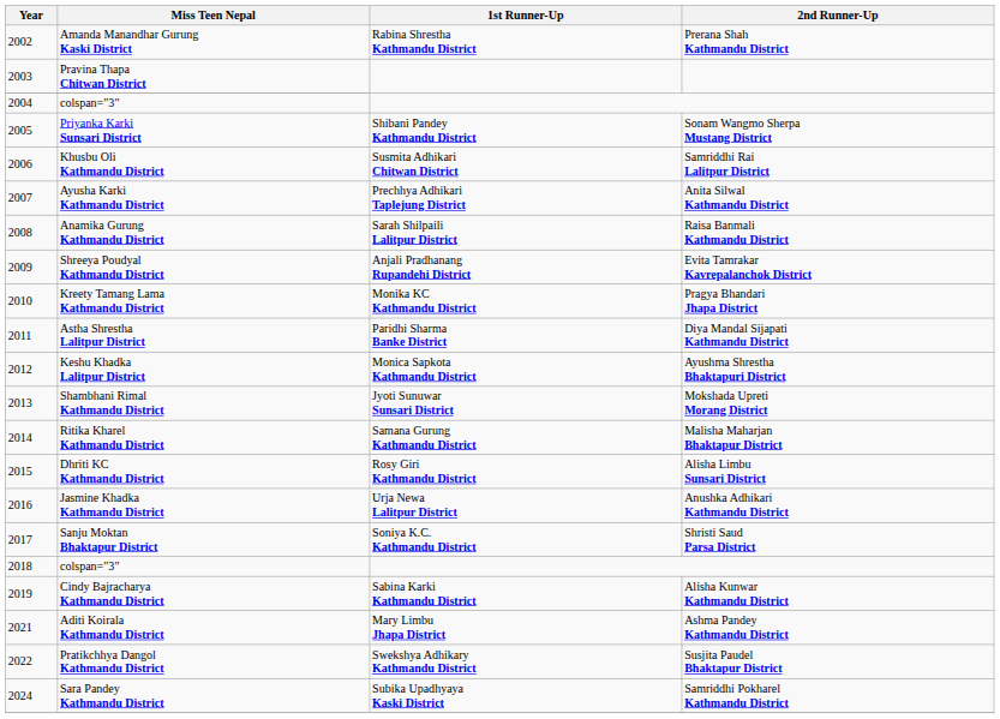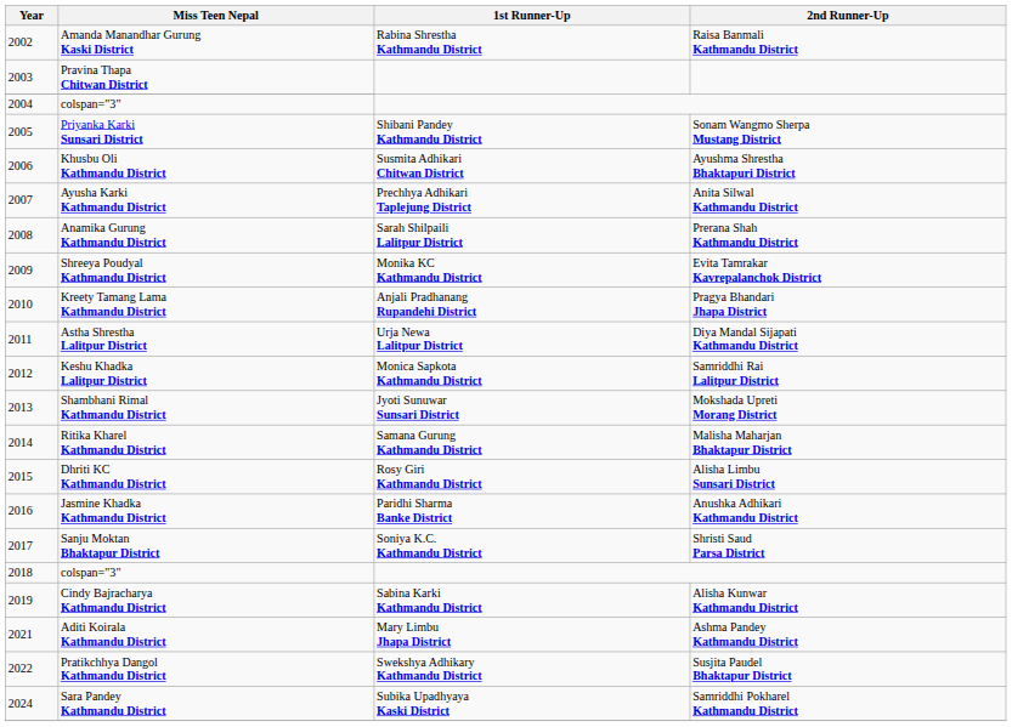 <table class="wikitable sortable" style="font-size: 95%;">
 <tr>
 <th width="3%">Year</th>
 <th width="18%">Miss Teen Nepal</th>
 <th width="18%">1st Runner-Up</th>
 <th width="18%">2nd Runner-Up</th>
 </tr>
 <tr>
 <td>2002</td>
 <td>Amanda Manandhar Gurung <strong><br> <a href='#'>Kaski District</a></strong></td>
 <td>Rabina Shrestha <strong><br> <a href='#'>Kathmandu District</a></strong></td>
-<td>Prerana Shah <strong><br> <a href='#'>Kathmandu District</a></strong></td>
+<td>Raisa Banmali <strong><br> <a href='#'>Kathmandu District</a></strong></td>
 </tr>
 <tr>
 <td>2003</td>
 <td>Pravina Thapa <strong><br> <a href='#'>Chitwan District</a></strong></td>
 <td></td>
 <td></td>
 </tr>
 <tr>
 </tr>
 <tr>
 <td>2004</td>
 <td>colspan="3" </td>
 </tr>
 <tr>
 <td>2005</td>
 <td><a href='#'>Priyanka Karki</a> <strong><br> <a href='#'>Sunsari District</a></strong></td>
 <td>Shibani Pandey <strong><br> <a href='#'>Kathmandu District</a></strong></td>
 <td>Sonam Wangmo Sherpa <strong><br> <a href='#'>Mustang District</a></strong></td>
 </tr>
 <tr>
 <td>2006</td>
 <td>Khusbu Oli <strong><br> <a href='#'>Kathmandu District</a></strong></td>
 <td>Susmita Adhikari <br><strong><a href='#'>Chitwan District</a></strong></td>
-<td>Samriddhi Rai <strong><br> <a href='#'>Lalitpur District</a></strong></td>
+<td>Ayushma Shrestha <br> <strong><a href='#'>Bhaktapuri District</a></strong></td>
 </tr>
 <tr>
 <td>2007</td>
 <td>Ayusha Karki <strong><br> <a href='#'>Kathmandu District</a></strong></td>
 <td>Prechhya Adhikari <strong><br> <a href='#'>Taplejung District</a></strong></td>
 <td>Anita Silwal<strong><br> <a href='#'>Kathmandu District</a></strong></td>
 </tr>
 <tr>
 <td>2008</td>
 <td>Anamika Gurung <strong><br> <a href='#'>Kathmandu District</a></strong></td>
 <td>Sarah Shilpaili <strong><br> <a href='#'>Lalitpur District</a></strong></td>
-<td>Raisa Banmali <strong><br> <a href='#'>Kathmandu District</a></strong></td>
+<td>Prerana Shah <strong><br> <a href='#'>Kathmandu District</a></strong></td>
 </tr>
 <tr>
 <td>2009</td>
 <td>Shreeya Poudyal <strong><br> <a href='#'>Kathmandu District</a></strong></td>
-<td>Anjali Pradhanang <strong><br> <a href='#'>Rupandehi District</a></strong></td>
+<td>Monika KC <strong><br> <a href='#'>Kathmandu District</a></strong></td>
 <td>Evita Tamrakar <strong><br> <a href='#'>Kavrepalanchok District</a></strong></td>
 </tr>
 <tr>
 <td>2010</td>
 <td>Kreety Tamang Lama <strong><br> <a href='#'>Kathmandu District</a></strong></td>
-<td>Monika KC <strong><br> <a href='#'>Kathmandu District</a></strong></td>
+<td>Anjali Pradhanang <strong><br> <a href='#'>Rupandehi District</a></strong></td>
 <td>Pragya Bhandari<br><strong><a href='#'>Jhapa District</a></strong></td>
 </tr>
 <tr>
 <td>2011</td>
 <td>Astha Shrestha <br> <strong><a href='#'>Lalitpur District</a></strong></td>
-<td>Paridhi Sharma <br> <strong><a href='#'>Banke District</a></strong></td>
+<td>Urja Newa <br> <strong><a href='#'>Lalitpur District</a></strong></td>
 <td>Diya Mandal Sijapati   <br> <strong><a href='#'>Kathmandu District</a></strong></td>
 </tr>
 <tr>
 <td>2012</td>
 <td>Keshu Khadka <br> <strong><a href='#'>Lalitpur District</a></strong></td>
 <td>Monica Sapkota <br> <strong><a href='#'>Kathmandu District</a></strong></td>
-<td>Ayushma Shrestha <br> <strong><a href='#'>Bhaktapuri District</a></strong></td>
+<td>Samriddhi Rai <strong><br> <a href='#'>Lalitpur District</a></strong></td>
 </tr>
 <tr>
 <td>2013</td>
 <td>Shambhani Rimal  <br> <strong><a href='#'>Kathmandu District</a></strong></td>
 <td>Jyoti Sunuwar <br> <strong><a href='#'>Sunsari District</a></strong></td>
 <td>Mokshada Upreti <br> <strong><a href='#'>Morang District</a></strong></td>
 </tr>
 <tr>
 <td>2014</td>
 <td>Ritika Kharel <br> <strong><a href='#'>Kathmandu District</a></strong></td>
 <td>Samana Gurung <br> <strong><a href='#'>Kathmandu District</a></strong></td>
 <td>Malisha Maharjan <br> <strong><a href='#'>Bhaktapur District</a></strong></td>
 </tr>
 <tr>
 <td>2015</td>
 <td>Dhriti KC <br> <strong><a href='#'>Kathmandu District</a></strong></td>
 <td>Rosy Giri <br> <strong><a href='#'>Kathmandu District</a></strong></td>
 <td>Alisha Limbu <br> <strong><a href='#'>Sunsari District</a></strong></td>
 </tr>
 <tr>
 <td>2016</td>
 <td>Jasmine Khadka  <br> <strong><a href='#'>Kathmandu District</a></strong></td>
-<td>Urja Newa <br> <strong><a href='#'>Lalitpur District</a></strong></td>
+<td>Paridhi Sharma <br> <strong><a href='#'>Banke District</a></strong></td>
 <td>Anushka Adhikari  <br> <strong><a href='#'>Kathmandu District</a></strong></td>
 </tr>
 <tr>
 <td>2017</td>
 <td>Sanju Moktan   <br> <strong><a href='#'>Bhaktapur District</a></strong></td>
 <td>Soniya K.C. <br><strong><a href='#'>Kathmandu District</a></strong></td>
 <td>Shristi Saud <br> <strong><a href='#'>Parsa District</a></strong></td>
 </tr>
 <tr>
 <td>2018</td>
 <td>colspan="3" </td>
 </tr>
 <tr>
 <td>2019</td>
 <td>Cindy Bajracharya<br><strong><a href='#'>Kathmandu District</a></strong></td>
 <td>Sabina Karki<br><strong><a href='#'>Kathmandu District</a></strong></td>
 <td>Alisha Kunwar <strong><br> <a href='#'>Kathmandu District</a></strong></td>
 </tr>
 <tr>
 <td>2021</td>
 <td>Aditi Koirala<br><strong><a href='#'>Kathmandu District</a></strong></td>
 <td>Mary Limbu   <br> <strong><a href='#'>Jhapa District</a></strong></td>
 <td>Ashma Pandey<br><strong><a href='#'>Kathmandu District</a></strong></td>
 </tr>
 <tr>
 <td>2022</td>
 <td>Pratikchhya Dangol<br><strong><a href='#'>Kathmandu District</a></strong></td>
 <td>Swekshya Adhikary <strong><br> <a href='#'>Kathmandu District</a></strong></td>
 <td>Susjita Paudel<br><strong><a href='#'>Bhaktapur District</a></strong></td>
 </tr>
 <tr>
 <td>2024</td>
 <td>Sara Pandey <br><strong><a href='#'>Kathmandu District</a></strong></td>
 <td>Subika Upadhyaya <br><strong><a href='#'>Kaski District</a></strong></td>
 <td>Samriddhi Pokharel<br><strong><a href='#'>Kathmandu District</a></strong></td>
 </tr>
 <tr>
 </tr>
 </table>
